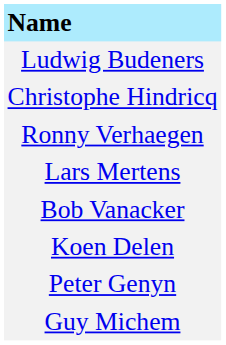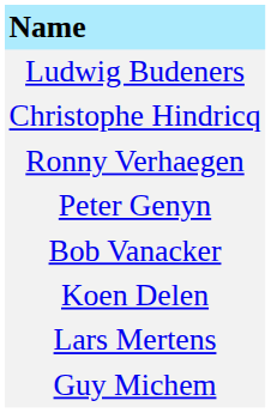 <table border=0 cellpadding=2 cellspacing=0  |- bgcolor=#F2F2F2 style="text-align:center; font-size:90%;">
 <tr bgcolor=#ADEBFD>
 <th align=left>Name</th>
 </tr>
 <tr>
 <td><a href='#'>Ludwig Budeners</a></td>
 </tr>
 <tr>
 <td><a href='#'>Christophe Hindricq</a></td>
 </tr>
 <tr>
 <td><a href='#'>Ronny Verhaegen</a></td>
 </tr>
 <tr>
-<td><a href='#'>Lars Mertens</a></td>
+<td><a href='#'>Peter Genyn</a></td>
 </tr>
 <tr>
 <td><a href='#'>Bob Vanacker</a></td>
 </tr>
 <tr>
 <td><a href='#'>Koen Delen</a></td>
 </tr>
 <tr>
-<td><a href='#'>Peter Genyn</a></td>
+<td><a href='#'>Lars Mertens</a></td>
 </tr>
 <tr>
 <td><a href='#'>Guy Michem</a></td>
 </tr>
 </table>
